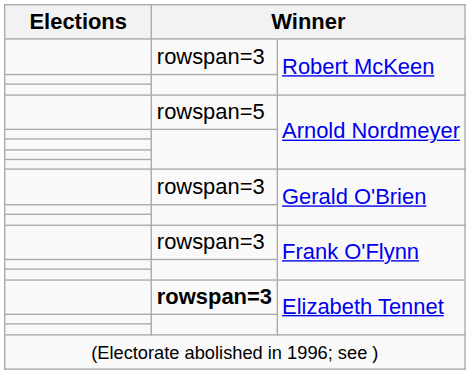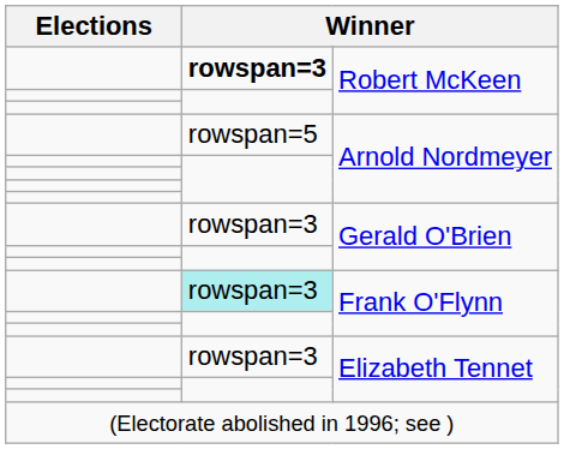 <table class=wikitable>
 <tr>
 <th width=100>Elections</th>
 <th width=175 colspan= 2>Winner</th>
 </tr>
 <tr>
 <td></td>
-<td>rowspan=3 </td>
+<td><strong>rowspan=3 </strong></td>
 <td rowspan=3><a href='#'>Robert McKeen</a></td>
 </tr>
 <tr>
 <td></td>
 </tr>
 <tr>
 <td></td>
 </tr>
 <tr>
 <td></td>
 <td>rowspan=5 </td>
 <td rowspan=5><a href='#'>Arnold Nordmeyer</a></td>
 </tr>
 <tr>
 <td></td>
 </tr>
 <tr>
 <td></td>
 </tr>
 <tr>
 <td></td>
 </tr>
 <tr>
 <td></td>
 </tr>
 <tr>
 <td></td>
 <td>rowspan=3 </td>
 <td rowspan=3><a href='#'>Gerald O'Brien</a></td>
 </tr>
 <tr>
 <td></td>
 </tr>
 <tr>
 <td></td>
 </tr>
 <tr>
 <td></td>
-<td>rowspan=3 </td>
+<td style="background: paleturquoise;">rowspan=3 </td>
 <td rowspan=3><a href='#'>Frank O'Flynn</a></td>
 </tr>
 <tr>
 <td></td>
 </tr>
 <tr>
 <td></td>
 </tr>
 <tr>
 <td></td>
-<td><strong>rowspan=3 </strong></td>
+<td>rowspan=3 </td>
 <td rowspan=3><a href='#'>Elizabeth Tennet</a></td>
 </tr>
 <tr>
 <td></td>
 </tr>
 <tr>
 <td></td>
 </tr>
 <tr>
 <td colspan=3 align=center><small>(Electorate abolished in 1996; see )</small></td>
 </tr>
 </table>
